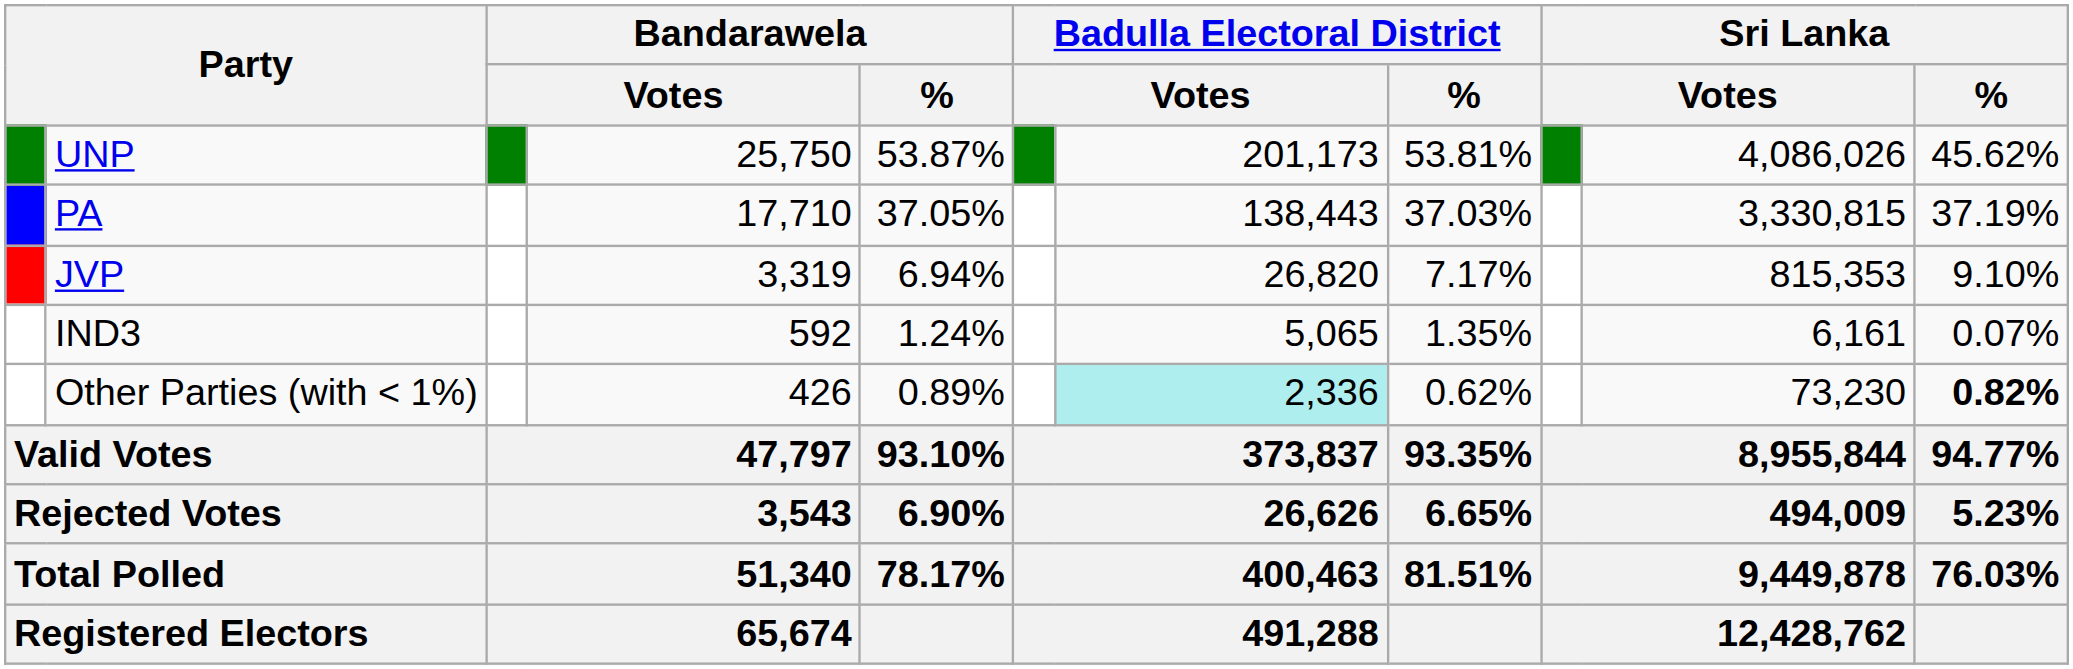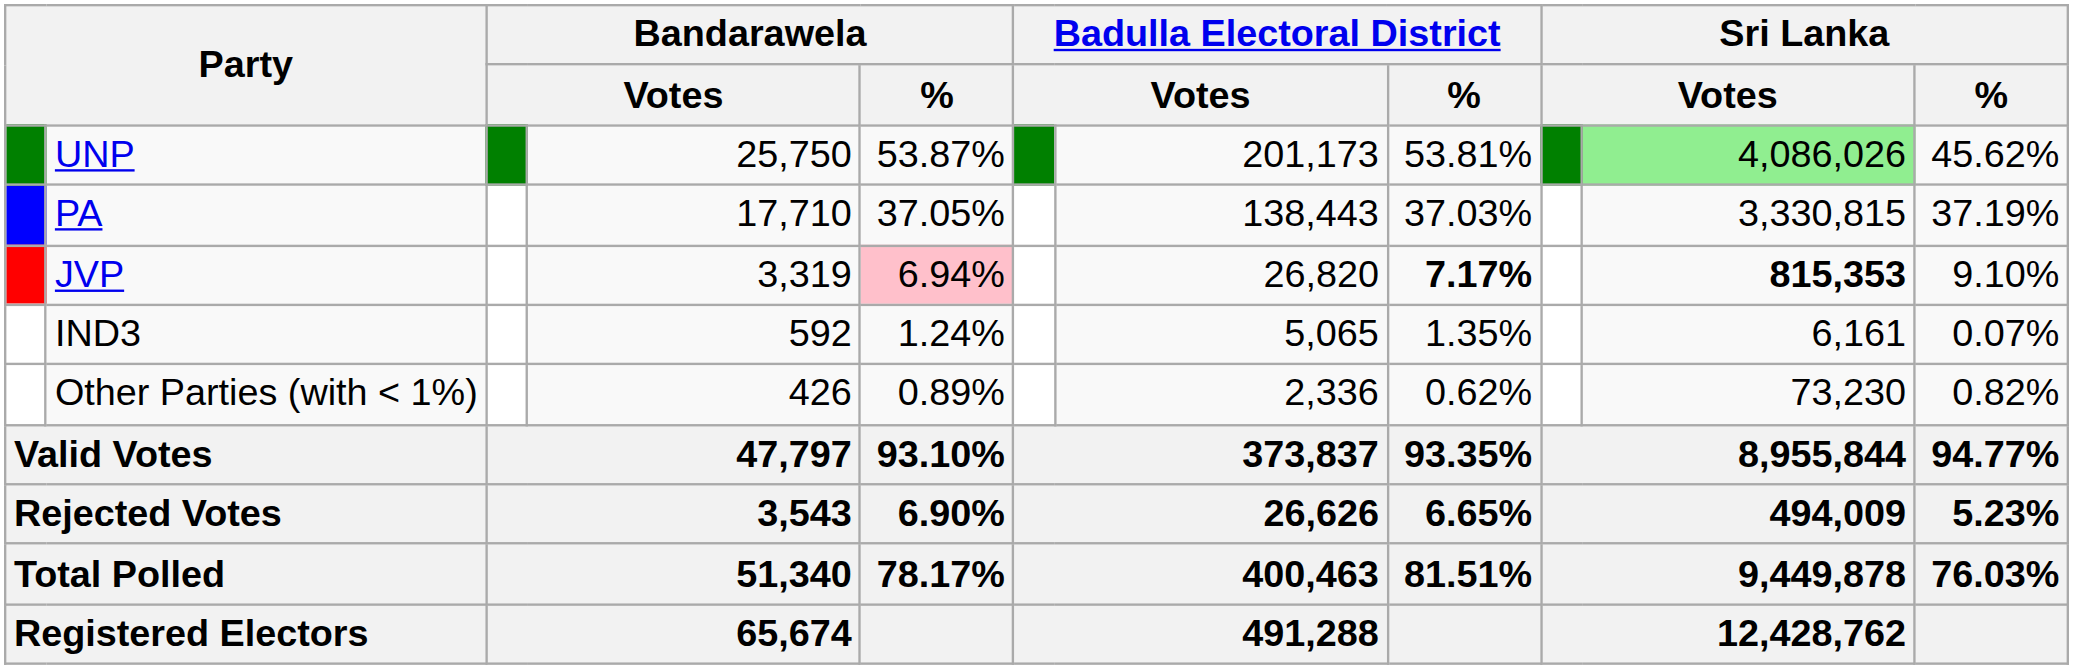 <table class="wikitable">
 <tr>
 <th colspan="2" width="144px"rowspan="2">Party</th>
 <th colspan="3" width="216px">Bandarawela</th>
 <th colspan="3" width="216px"><a href='#'>Badulla Electoral District</a></th>
 <th colspan="3" width="216px">Sri Lanka</th>
 </tr>
 <tr>
 <th colspan="2" width="144px">Votes</th>
 <th>%</th>
 <th colspan="2" width="144px">Votes</th>
 <th>%</th>
 <th colspan="2" width="144px">Votes</th>
 <th>%</th>
 </tr>
 <tr>
 <td style="background-color:green;" width="10px"></td>
 <td style="text-align:left;"><a href='#'>UNP</a></td>
 <td style="background-color:green;" width="10px"></td>
 <td style="text-align:right;">25,750</td>
 <td style="text-align:right;">53.87%</td>
 <td style="background-color:green;" width="10px"></td>
 <td style="text-align:right;">201,173</td>
 <td style="text-align:right;">53.81%</td>
 <td style="background-color:green;" width="10px"></td>
-<td style="text-align:right;">4,086,026</td>
+<td style="background: lightgreen; text-align:right;">4,086,026</td>
 <td style="text-align:right;">45.62%</td>
 </tr>
 <tr>
 <td style="background-color:blue;" width="10px"></td>
 <td style="text-align:left;"><a href='#'>PA</a></td>
 <td style="background-color:white;" width="10px"></td>
 <td style="text-align:right;">17,710</td>
 <td style="text-align:right;">37.05%</td>
 <td style="background-color:white;" width="10px"></td>
 <td style="text-align:right;">138,443</td>
 <td style="text-align:right;">37.03%</td>
 <td style="background-color:white;" width="10px"></td>
 <td style="text-align:right;">3,330,815</td>
 <td style="text-align:right;">37.19%</td>
 </tr>
 <tr>
 <td style="background-color:red;" width="10px"></td>
 <td style="text-align:left;"><a href='#'>JVP</a></td>
 <td style="background-color:white;" width="10px"></td>
 <td style="text-align:right;">3,319</td>
-<td style="text-align:right;">6.94%</td>
+<td style="background: pink; text-align:right;">6.94%</td>
 <td style="background-color:white;" width="10px"></td>
 <td style="text-align:right;">26,820</td>
-<td style="text-align:right;">7.17%</td>
+<td style="text-align:right;"><strong>7.17%</strong></td>
 <td style="background-color:white;" width="10px"></td>
-<td style="text-align:right;">815,353</td>
+<td style="text-align:right;"><strong>815,353</strong></td>
 <td style="text-align:right;">9.10%</td>
 </tr>
 <tr>
 <td style="background-color:white;" width="10px"></td>
 <td style="text-align:left;">IND3</td>
 <td style="background-color:white;" width="10px"></td>
 <td style="text-align:right;">592</td>
 <td style="text-align:right;">1.24%</td>
 <td style="background-color:white;" width="10px"></td>
 <td style="text-align:right;">5,065</td>
 <td style="text-align:right;">1.35%</td>
 <td style="background-color:white;" width="10px"></td>
 <td style="text-align:right;">6,161</td>
 <td style="text-align:right;">0.07%</td>
 </tr>
 <tr>
 <td style="background-color:white;" width="10px"></td>
 <td style="text-align:left;">Other Parties (with < 1%)</td>
 <td style="background-color:white;" width="10px"></td>
 <td style="text-align:right;">426</td>
 <td style="text-align:right;">0.89%</td>
 <td style="background-color:white;" width="10px"></td>
-<td style="background: paleturquoise; text-align:right;">2,336</td>
+<td style="text-align:right;">2,336</td>
 <td style="text-align:right;">0.62%</td>
 <td style="background-color:white;" width="10px"></td>
 <td style="text-align:right;">73,230</td>
-<td style="text-align:right;"><strong>0.82%</strong></td>
+<td style="text-align:right;">0.82%</td>
 </tr>
 <tr>
 <th colspan="2" width="144px"style="text-align:left;">Valid Votes</th>
 <th style="text-align:right;"colspan="2" width="144px">47,797</th>
 <th style="text-align:right;">93.10%</th>
 <th style="text-align:right;"colspan="2" width="144px">373,837</th>
 <th style="text-align:right;">93.35%</th>
 <th style="text-align:right;"colspan="2" width="144px">8,955,844</th>
 <th style="text-align:right;">94.77%</th>
 </tr>
 <tr>
 <th colspan="2" width="144px"style="text-align:left;">Rejected Votes</th>
 <th style="text-align:right;"colspan="2" width="144px">3,543</th>
 <th style="text-align:right;">6.90%</th>
 <th style="text-align:right;"colspan="2" width="144px">26,626</th>
 <th style="text-align:right;">6.65%</th>
 <th style="text-align:right;"colspan="2" width="144px">494,009</th>
 <th style="text-align:right;">5.23%</th>
 </tr>
 <tr>
 <th colspan="2" width="144px"style="text-align:left;">Total Polled</th>
 <th style="text-align:right;"colspan="2" width="144px">51,340</th>
 <th style="text-align:right;">78.17%</th>
 <th style="text-align:right;"colspan="2" width="144px">400,463</th>
 <th style="text-align:right;">81.51%</th>
 <th style="text-align:right;"colspan="2" width="144px">9,449,878</th>
 <th style="text-align:right;">76.03%</th>
 </tr>
 <tr>
 <th colspan="2" width="144px"style="text-align:left;">Registered Electors</th>
 <th style="text-align:right;"colspan="2" width="144px">65,674</th>
 <th></th>
 <th style="text-align:right;"colspan="2" width="144px">491,288</th>
 <th></th>
 <th style="text-align:right;"colspan="2" width="144px">12,428,762</th>
 <th></th>
 </tr>
 </table>
